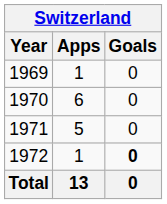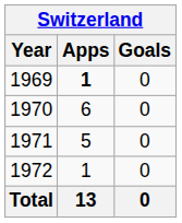 <table class="wikitable" style="text-align:center">
 <tr>
 <th colspan=3><a href='#'>Switzerland</a></th>
 </tr>
 <tr>
 <th>Year</th>
 <th>Apps</th>
 <th>Goals</th>
 </tr>
 <tr>
 <td>1969</td>
-<td>1</td>
+<td><strong>1</strong></td>
 <td>0</td>
 </tr>
 <tr>
 <td>1970</td>
 <td>6</td>
 <td>0</td>
 </tr>
 <tr>
 <td>1971</td>
 <td>5</td>
 <td>0</td>
 </tr>
 <tr>
 <td>1972</td>
 <td>1</td>
-<td><strong>0</strong></td>
+<td>0</td>
 </tr>
 <tr>
 <th>Total</th>
 <th>13</th>
 <th>0</th>
 </tr>
 </table>
